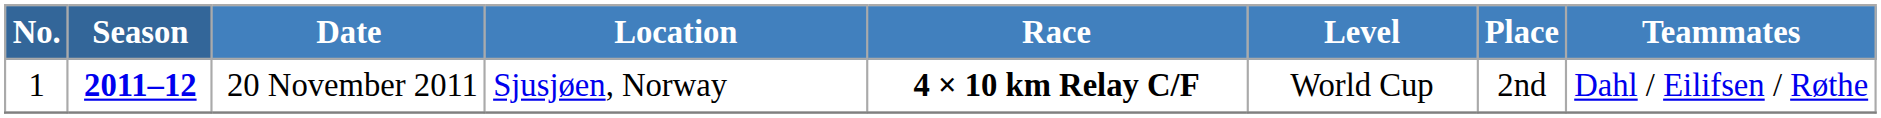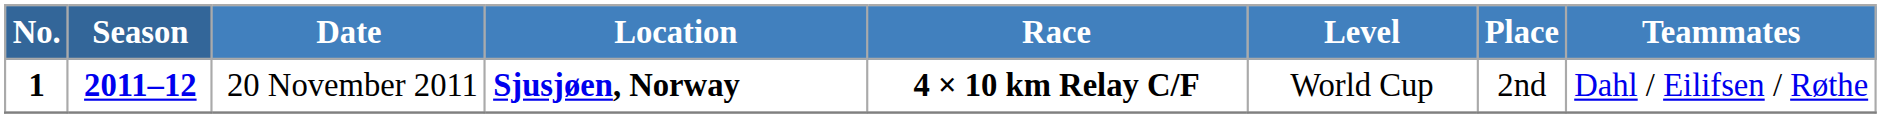 <table class="wikitable sortable" style="font-size:95%; text-align:center; border:grey solid 1px; border-collapse:collapse; background:#ffffff;">
 <tr style="background:#efefef;">
 <th style="background-color:#369; color:white;">No.</th>
 <th style="background-color:#369; color:white;">Season</th>
 <th style="background-color:#4180be; color:white; width:120px;">Date</th>
 <th style="background-color:#4180be; color:white; width:170px;">Location</th>
 <th style="background-color:#4180be; color:white; width:170px;">Race</th>
 <th style="background-color:#4180be; color:white; width:100px;">Level</th>
 <th style="background-color:#4180be; color:white;">Place</th>
 <th style="background-color:#4180be; color:white;">Teammates</th>
 </tr>
 <tr>
-<td align=center>1</td>
+<td align=center><strong>1</strong></td>
 <td rowspan=1 align=center><strong> <a href='#'>2011–12</a> </strong></td>
 <td align=right>20 November 2011</td>
-<td align=left> <a href='#'>Sjusjøen</a>, Norway</td>
+<td align=left><strong> <a href='#'>Sjusjøen</a>, Norway</strong></td>
 <td><strong>4 × 10 km Relay C/F</strong></td>
 <td>World Cup</td>
 <td>2nd</td>
 <td><a href='#'>Dahl</a> / <a href='#'>Eilifsen</a> / <a href='#'>Røthe</a></td>
 </tr>
 <tr>
 </tr>
 </table>
